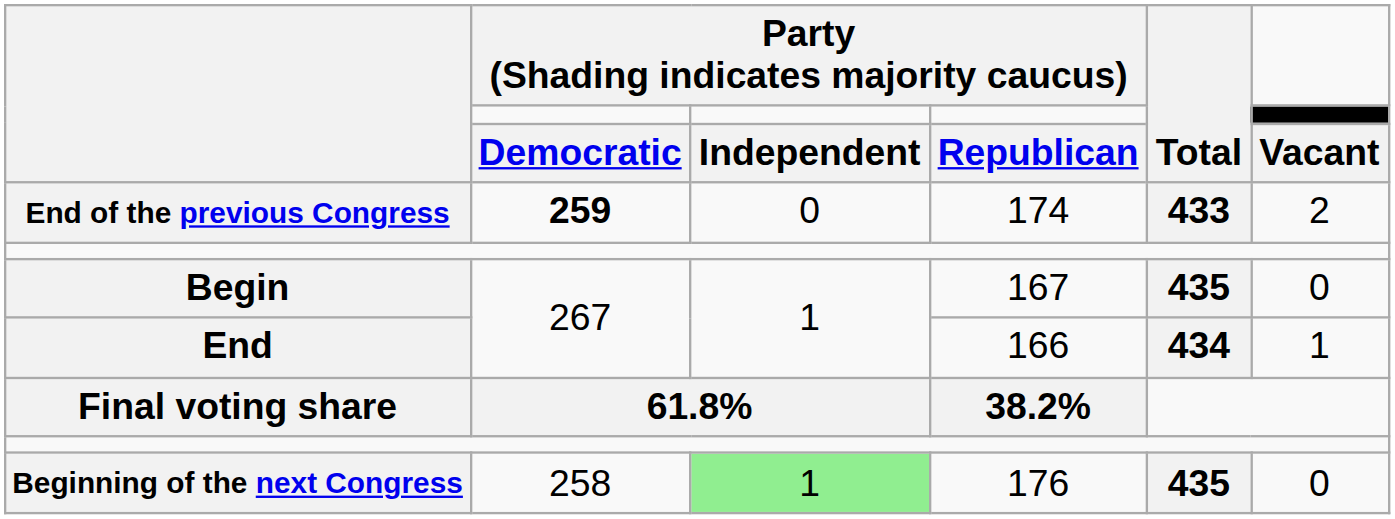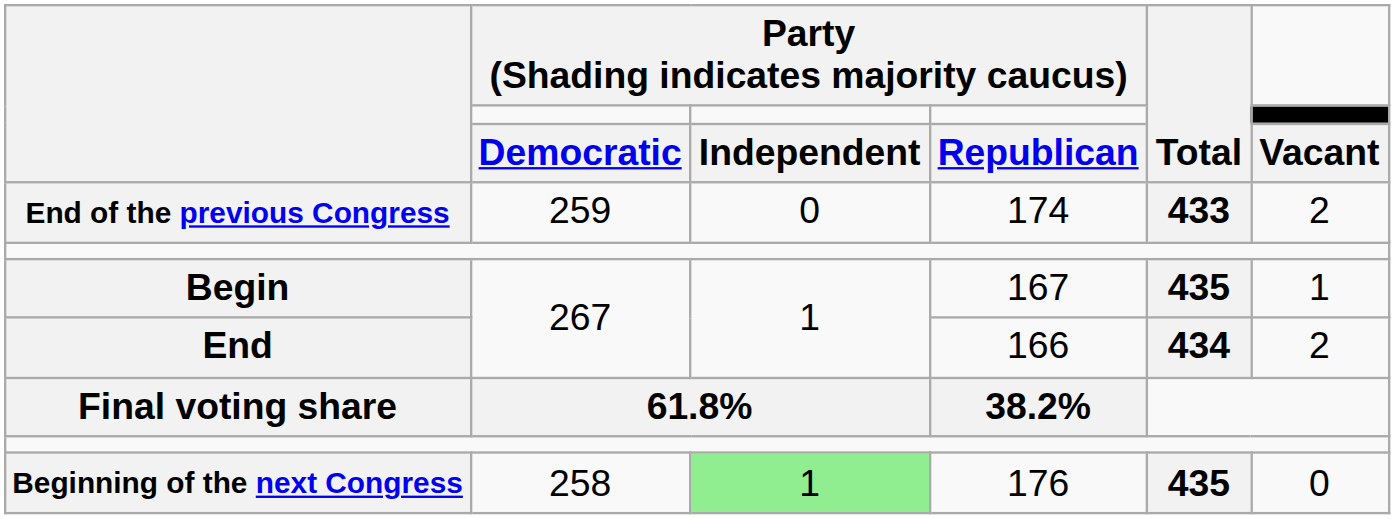 <table class=wikitable style="text-align:center">
 <tr style="vertical-align:bottom">
 <th rowspan=3></th>
 <th colspan=3>Party <div>(Shading indicates majority caucus)</div></th>
 <th rowspan=3>Total</th>
 <td></td>
 </tr>
 <tr style="height:5px">
 <td style="background-color:"></td>
 <td style="background-color:"></td>
 <td style="background-color:"></td>
 <td style="background-color:black"></td>
 </tr>
 <tr>
 <th><a href='#'>Democratic</a></th>
 <th>Independent</th>
 <th><a href='#'>Republican</a></th>
 <th>Vacant</th>
 </tr>
 <tr>
 <th nowrap style="font-size:80%">End of the <a href='#'>previous Congress</a></th>
-<td><strong>259</strong></td>
+<td>259</td>
 <td>0</td>
 <td>174</td>
 <th>433</th>
 <td>2</td>
 </tr>
 <tr>
 <td colspan=6></td>
 </tr>
 <tr>
 <th>Begin</th>
 <td rowspan=2 >267</td>
 <td rowspan=2 >1</td>
 <td>167</td>
 <th>435</th>
-<td>0</td>
+<td>1</td>
 </tr>
 <tr>
 <th>End</th>
 <td>166</td>
 <th>434</th>
-<td>1</td>
+<td>2</td>
 </tr>
 <tr>
 <th>Final voting share</th>
 <th colspan=2 >61.8%</th>
 <th>38.2%</th>
 </tr>
 <tr>
 <td colspan=6></td>
 </tr>
 <tr>
 <th nowrap style="font-size:80%">Beginning of the <a href='#'>next Congress</a></th>
 <td>258</td>
 <td style="background: lightgreen;">1</td>
 <td>176</td>
 <th>435</th>
 <td>0</td>
 </tr>
 </table>
